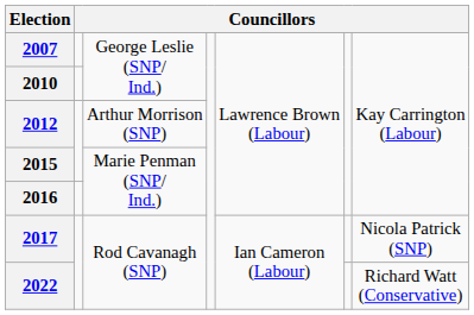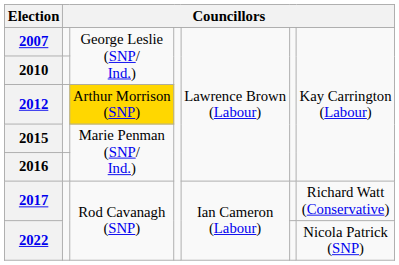 <table class="wikitable" style="text-align:center">
 <tr>
 <th>Election</th>
 <th colspan=6>Councillors</th>
 </tr>
 <tr>
 <th><a href='#'>2007</a></th>
 <td rowspan=1; style="background-color: "></td>
 <td rowspan=2>George Leslie<br>(<a href='#'>SNP</a>/<br><a href='#'>Ind.</a>)</td>
 <td rowspan=7; style="background-color: "></td>
 <td rowspan=5>Lawrence Brown<br>(<a href='#'>Labour</a>)</td>
 <td rowspan=5; style="background-color: "></td>
 <td rowspan=5>Kay Carrington<br>(<a href='#'>Labour</a>)</td>
 </tr>
 <tr>
 <th>2010</th>
 <td rowspan=1; style="background-color: "></td>
 </tr>
 <tr>
 <th><a href='#'>2012</a></th>
 <td rowspan=2; style="background-color: "></td>
-<td rowspan=1>Arthur Morrison<br>(<a href='#'>SNP</a>)</td>
+<td rowspan=1 style="background: gold;">Arthur Morrison<br>(<a href='#'>SNP</a>)</td>
 </tr>
 <tr>
 <th>2015</th>
 <td rowspan=2>Marie Penman<br>(<a href='#'>SNP</a>/<br><a href='#'>Ind.</a>)</td>
 </tr>
 <tr>
 <th>2016</th>
 <td rowspan=1; style="background-color: "></td>
 </tr>
 <tr>
 <th><a href='#'>2017</a></th>
 <td rowspan=2; style="background-color: "></td>
 <td rowspan=2>Rod Cavanagh<br>(<a href='#'>SNP</a>)</td>
 <td rowspan=2>Ian Cameron<br>(<a href='#'>Labour</a>)</td>
 <td rowspan=1; style="background-color: "></td>
-<td rowspan=1>Nicola Patrick<br>(<a href='#'>SNP</a>)</td>
+<td rowspan=1>Richard Watt<br>(<a href='#'>Conservative</a>)</td>
 </tr>
 <tr>
 <th><a href='#'>2022</a></th>
 <td rowspan=1; style="background-color: "></td>
-<td rowspan=1>Richard Watt<br>(<a href='#'>Conservative</a>)</td>
+<td rowspan=1>Nicola Patrick<br>(<a href='#'>SNP</a>)</td>
 </tr>
 </table>
